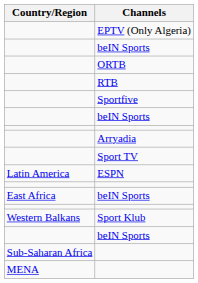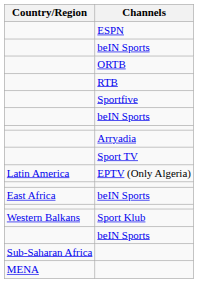 <table class="wikitable">
 <tr>
 <th>Country/Region</th>
 <th>Channels</th>
 </tr>
 <tr>
 <td></td>
-<td><a href='#'>EPTV</a> (Only Algeria)</td>
+<td><a href='#'>ESPN</a></td>
 </tr>
 <tr>
 <td></td>
 <td><a href='#'>beIN Sports</a></td>
 </tr>
 <tr>
 <td></td>
 <td><a href='#'>ORTB</a></td>
 </tr>
 <tr>
 <td></td>
 <td><a href='#'>RTB</a></td>
 </tr>
 <tr>
 <td></td>
 <td><a href='#'>Sportfive</a></td>
 </tr>
 <tr>
 <td></td>
 <td><a href='#'>beIN Sports</a></td>
 </tr>
 <tr>
 <td></td>
 <td></td>
 </tr>
 <tr>
 <td></td>
 <td><a href='#'>Arryadia</a></td>
 </tr>
 <tr>
 <td></td>
 <td><a href='#'>Sport TV</a></td>
 </tr>
 <tr>
 <td><a href='#'>Latin America</a></td>
-<td><a href='#'>ESPN</a></td>
+<td><a href='#'>EPTV</a> (Only Algeria)</td>
 </tr>
 <tr>
 <td></td>
 <td></td>
 </tr>
 <tr>
 <td><a href='#'>East Africa</a></td>
 <td><a href='#'>beIN Sports</a></td>
 </tr>
 <tr>
 <td></td>
 <td></td>
 </tr>
 <tr>
 <td><a href='#'>Western Balkans</a></td>
 <td><a href='#'>Sport Klub</a></td>
 </tr>
 <tr>
 <td></td>
 <td><a href='#'>beIN Sports</a></td>
 </tr>
 <tr>
 <td><a href='#'>Sub-Saharan Africa</a></td>
 <td></td>
 </tr>
 <tr>
 <td> <a href='#'>MENA</a></td>
 <td></td>
 </tr>
 </table>
